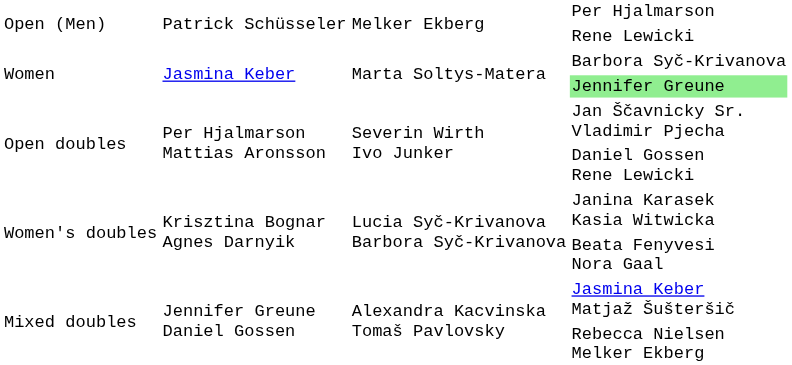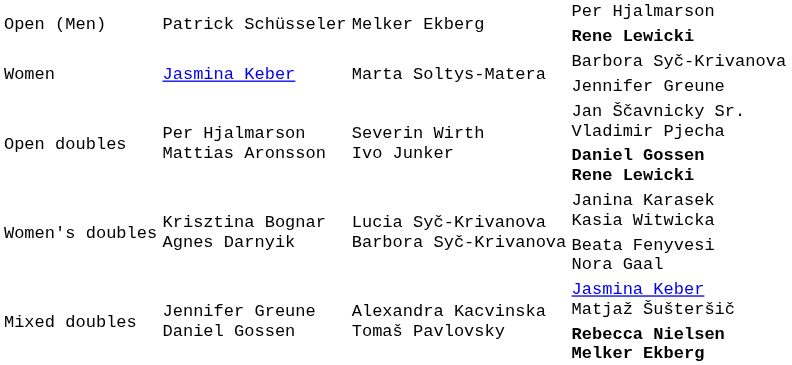 <table>
 <tr>
 <td rowspan="2">Open (Men)<br></td>
 <td rowspan="2"> Patrick Schüsseler</td>
 <td rowspan="2"> Melker Ekberg</td>
 <td> Per Hjalmarson</td>
 </tr>
 <tr>
-<td> Rene Lewicki</td>
+<td><strong> Rene Lewicki</strong></td>
 </tr>
 <tr>
 <td rowspan="2">Women<br></td>
 <td rowspan="2"> <a href='#'>Jasmina Keber</a></td>
 <td rowspan="2"> Marta Soltys-Matera</td>
 <td> Barbora Syč-Krivanova</td>
 </tr>
 <tr>
-<td style="background: lightgreen;"> Jennifer Greune</td>
+<td> Jennifer Greune</td>
 </tr>
 <tr>
 <td rowspan="2">Open doubles<br></td>
 <td rowspan="2"> Per Hjalmarson<br> Mattias Aronsson</td>
 <td rowspan="2"> Severin Wirth<br> Ivo Junker</td>
 <td> Jan Ščavnicky Sr.<br> Vladimir Pjecha</td>
 </tr>
 <tr>
-<td> Daniel Gossen<br> Rene Lewicki</td>
+<td><strong> Daniel Gossen<br> Rene Lewicki</strong></td>
 </tr>
 <tr>
 <td rowspan="2">Women's doubles<br></td>
 <td rowspan="2"> Krisztina Bognar<br>Agnes Darnyik</td>
 <td rowspan="2"> Lucia Syč-Krivanova<br> Barbora Syč-Krivanova</td>
 <td> Janina Karasek<br> Kasia Witwicka</td>
 </tr>
 <tr>
 <td> Beata Fenyvesi<br> Nora Gaal</td>
 </tr>
 <tr>
 <td rowspan="2">Mixed doubles<br></td>
 <td rowspan="2"> Jennifer Greune<br> Daniel Gossen</td>
 <td rowspan="2"> Alexandra Kacvinska<br> Tomaš Pavlovsky</td>
 <td> <a href='#'>Jasmina Keber</a><br> Matjaž Šušteršič</td>
 </tr>
 <tr>
-<td> Rebecca Nielsen<br> Melker Ekberg</td>
+<td><strong> Rebecca Nielsen<br> Melker Ekberg</strong></td>
 </tr>
 </table>
